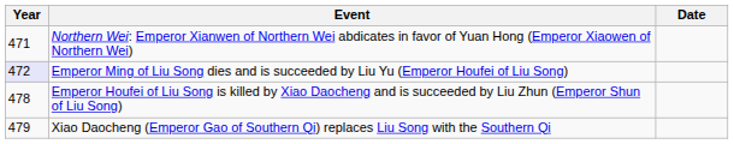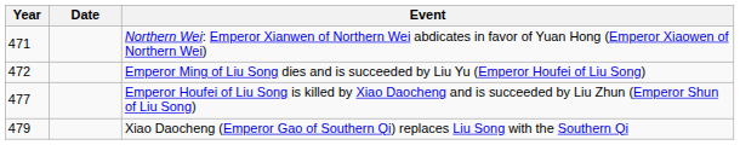 <table class="wikitable" style="width:100%;">
 <tr>
 <th style="width:6%">Year</th>
+<th style="width:10%">Date</th>
 <th>Event</th>
-<th style="width:10%">Date</th>
 </tr>
 <tr>
 <td>471</td>
+<td></td>
 <td><em><a href='#'>Northern Wei</a></em>: <a href='#'>Emperor Xianwen of Northern Wei</a> abdicates in favor of Yuan Hong (<a href='#'>Emperor Xiaowen of Northern Wei</a>)</td>
-<td></td>
 </tr>
 <tr>
-<td style="background: lavender;">472</td>
+<td>472</td>
+<td></td>
 <td><a href='#'>Emperor Ming of Liu Song</a> dies and is succeeded by Liu Yu (<a href='#'>Emperor Houfei of Liu Song</a>)</td>
-<td></td>
 </tr>
 <tr>
-<td>478</td>
+<td>477</td>
+<td></td>
 <td><a href='#'>Emperor Houfei of Liu Song</a> is killed by <a href='#'>Xiao Daocheng</a> and is succeeded by Liu Zhun (<a href='#'>Emperor Shun of Liu Song</a>)</td>
-<td></td>
 </tr>
 <tr>
 <td>479</td>
+<td></td>
 <td>Xiao Daocheng (<a href='#'>Emperor Gao of Southern Qi</a>) replaces <a href='#'>Liu Song</a> with the <a href='#'>Southern Qi</a></td>
-<td></td>
 </tr>
 </table>
